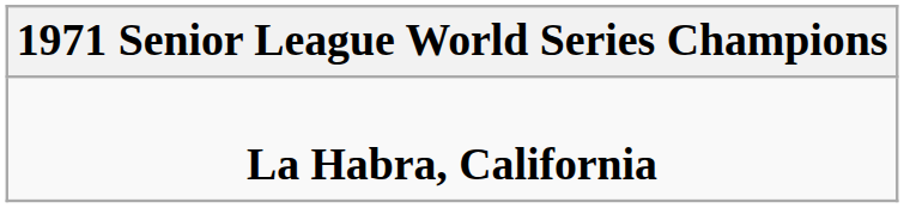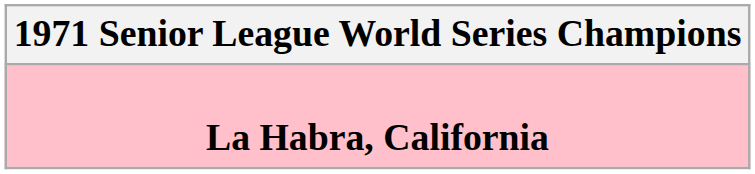 <table class="wikitable" style="text-align: center; margin: 0 auto;">
 <tr>
 <th>1971 Senior League World Series Champions</th>
 </tr>
 <tr>
-<td><br><strong>La Habra, California</strong></td>
+<td style="background: pink;"><br><strong>La Habra, California</strong></td>
 </tr>
 </table>
